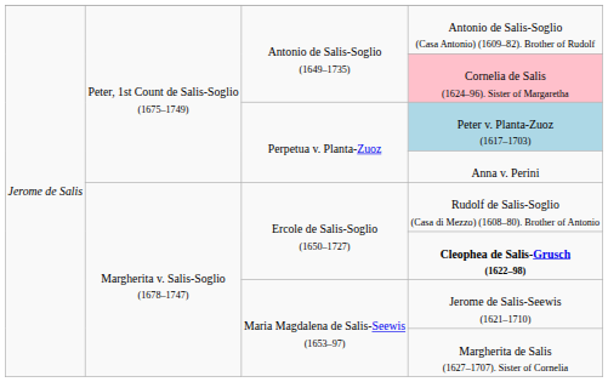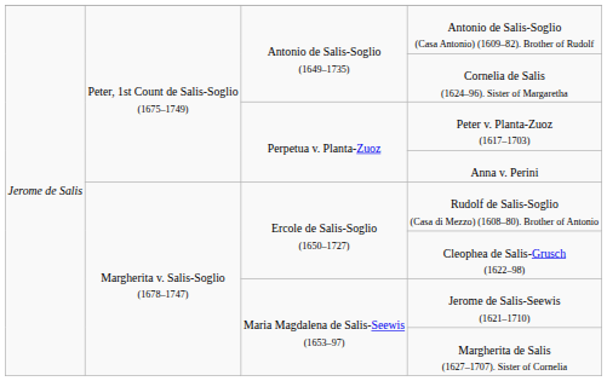 <table class="wikitable">
 <tr>
 </tr>
 <tr>
 <td rowspan="8" align="center"><em>Jerome de Salis</em></td>
 <td rowspan="4" align="center"><br>Peter, 1st Count de Salis-Soglio<br><sub>(1675–1749)</sub></td>
 <td rowspan="2" align="center"><br>Antonio de Salis-Soglio<br><sub>(1649–1735)</sub></td>
 <td align="center"><br>Antonio de Salis-Soglio<br><sub>(Casa Antonio) (1609–82). Brother of Rudolf</sub></td>
 </tr>
 <tr>
-<td align="center" style="background: pink;"><br>Cornelia de Salis<br><sub>(1624–96). Sister of Margaretha</sub></td>
+<td align="center"><br>Cornelia de Salis<br><sub>(1624–96). Sister of Margaretha</sub></td>
 </tr>
 <tr>
 <td rowspan="2" align="center"><br>Perpetua v. Planta-<a href='#'>Zuoz</a></td>
-<td align="center" style="background: lightblue;"><br>Peter v. Planta-Zuoz<br><sub>(1617–1703)</sub></td>
+<td align="center"><br>Peter v. Planta-Zuoz<br><sub>(1617–1703)</sub></td>
 </tr>
 <tr>
 <td align="center"><br>Anna v. Perini</td>
 </tr>
 <tr>
 <td rowspan="4" align="center"><br>Margherita v. Salis-Soglio<br><sub>(1678–1747)</sub></td>
 <td rowspan="2" align="center"><br>Ercole de Salis-Soglio<br><sub>(1650–1727)</sub></td>
 <td align="center"><br>Rudolf de Salis-Soglio<br><sub>(Casa di Mezzo) (1608–80). Brother of Antonio</sub></td>
 </tr>
 <tr>
-<td align="center"><strong><br>Cleophea de Salis-<a href='#'>Grusch</a><br><sub>(1622–98)</sub></strong></td>
+<td align="center"><br>Cleophea de Salis-<a href='#'>Grusch</a><br><sub>(1622–98)</sub></td>
 </tr>
 <tr>
 <td rowspan="2" align="center"><br>Maria Magdalena de Salis-<a href='#'>Seewis</a><br><sub>(1653–97)</sub></td>
 <td align="center"><br>Jerome de Salis-Seewis<br><sub>(1621–1710)</sub></td>
 </tr>
 <tr>
 <td align="center"><br>Margherita de Salis<br><sub>(1627–1707). Sister of Cornelia</sub></td>
 </tr>
 </table>
